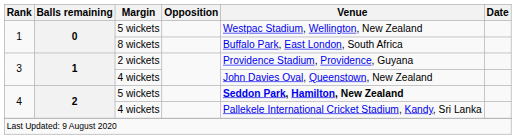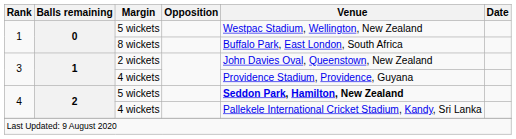 <table class="wikitable plainrowheaders sortable">
 <tr>
 <th scope=col>Rank</th>
 <th scope=col>Balls remaining</th>
 <th scope=col>Margin</th>
 <th scope=col>Opposition</th>
 <th scope=col>Venue</th>
 <th scope=col>Date</th>
 </tr>
 <tr>
 <td align=center rowspan=2>1</td>
 <th scope=row style=text-align:center rowspan=2>0</th>
 <td scope=row style=text-align:center;>5 wickets</td>
 <td></td>
 <td><a href='#'>Westpac Stadium</a>, <a href='#'>Wellington</a>, New Zealand</td>
 <td></td>
 </tr>
 <tr>
 <td scope=row style=text-align:center;>8 wickets</td>
 <td></td>
 <td><a href='#'>Buffalo Park</a>, <a href='#'>East London</a>, South Africa</td>
 <td></td>
 </tr>
 <tr>
 <td align=center rowspan=2>3</td>
 <th scope=row style=text-align:center rowspan=2>1</th>
 <td scope=row style=text-align:center;>2 wickets</td>
 <td rowspan=2></td>
-<td><a href='#'>Providence Stadium</a>, <a href='#'>Providence</a>, Guyana</td>
+<td><a href='#'>John Davies Oval</a>, <a href='#'>Queenstown</a>, New Zealand</td>
 <td> </td>
 </tr>
 <tr>
 <td scope=row style=text-align:center;>4 wickets</td>
-<td><a href='#'>John Davies Oval</a>, <a href='#'>Queenstown</a>, New Zealand</td>
+<td><a href='#'>Providence Stadium</a>, <a href='#'>Providence</a>, Guyana</td>
 <td></td>
 </tr>
 <tr>
 <td align=center rowspan=2>4</td>
 <th scope=row style=text-align:center rowspan=2>2</th>
 <td scope=row style=text-align:center;>5 wickets</td>
 <td></td>
 <td><strong><a href='#'>Seddon Park</a>, <a href='#'>Hamilton</a>, New Zealand</strong></td>
 <td></td>
 </tr>
 <tr>
 <td scope=row style=text-align:center;>4 wickets</td>
 <td></td>
 <td><a href='#'>Pallekele International Cricket Stadium</a>, <a href='#'>Kandy</a>, Sri Lanka</td>
 <td></td>
 </tr>
 <tr>
 </tr>
 <tr class=sortbottom>
 <td colspan=6><small>Last Updated: 9 August 2020</small></td>
 </tr>
 </table>
